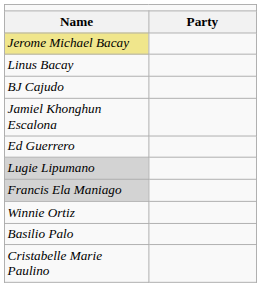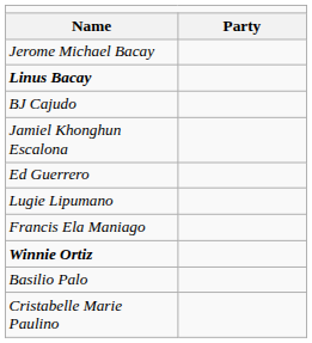 <table class=wikitable style="font-size:90%">
 <tr>
 <td colspan=4 bgcolor=></td>
 </tr>
 <tr>
 <th width=150px>Name</th>
 <th colspan=2 width=110px>Party</th>
 </tr>
 <tr>
-<td style="background: khaki;"><em>Jerome Michael Bacay</em></td>
+<td><em>Jerome Michael Bacay</em></td>
 <td></td>
 </tr>
 <tr>
-<td><em>Linus Bacay</em></td>
+<td><strong><em>Linus Bacay</em></strong></td>
 <td></td>
 </tr>
 <tr>
 <td><em>BJ Cajudo</em></td>
 <td></td>
 </tr>
 <tr>
 <td><em>Jamiel Khonghun Escalona</em></td>
 <td></td>
 </tr>
 <tr>
 <td><em>Ed Guerrero</em></td>
 <td></td>
 </tr>
 <tr>
-<td style="background: lightgrey;"><em>Lugie Lipumano</em></td>
+<td><em>Lugie Lipumano</em></td>
 <td></td>
 </tr>
 <tr>
-<td style="background: lightgrey;"><em>Francis Ela Maniago</em></td>
+<td><em>Francis Ela Maniago</em></td>
 <td></td>
 </tr>
 <tr>
-<td><em>Winnie Ortiz</em></td>
+<td><strong><em>Winnie Ortiz</em></strong></td>
 <td></td>
 </tr>
 <tr>
 <td><em>Basilio Palo</em></td>
 <td></td>
 </tr>
 <tr>
 <td><em>Cristabelle Marie Paulino</em></td>
 <td></td>
 </tr>
 </table>
